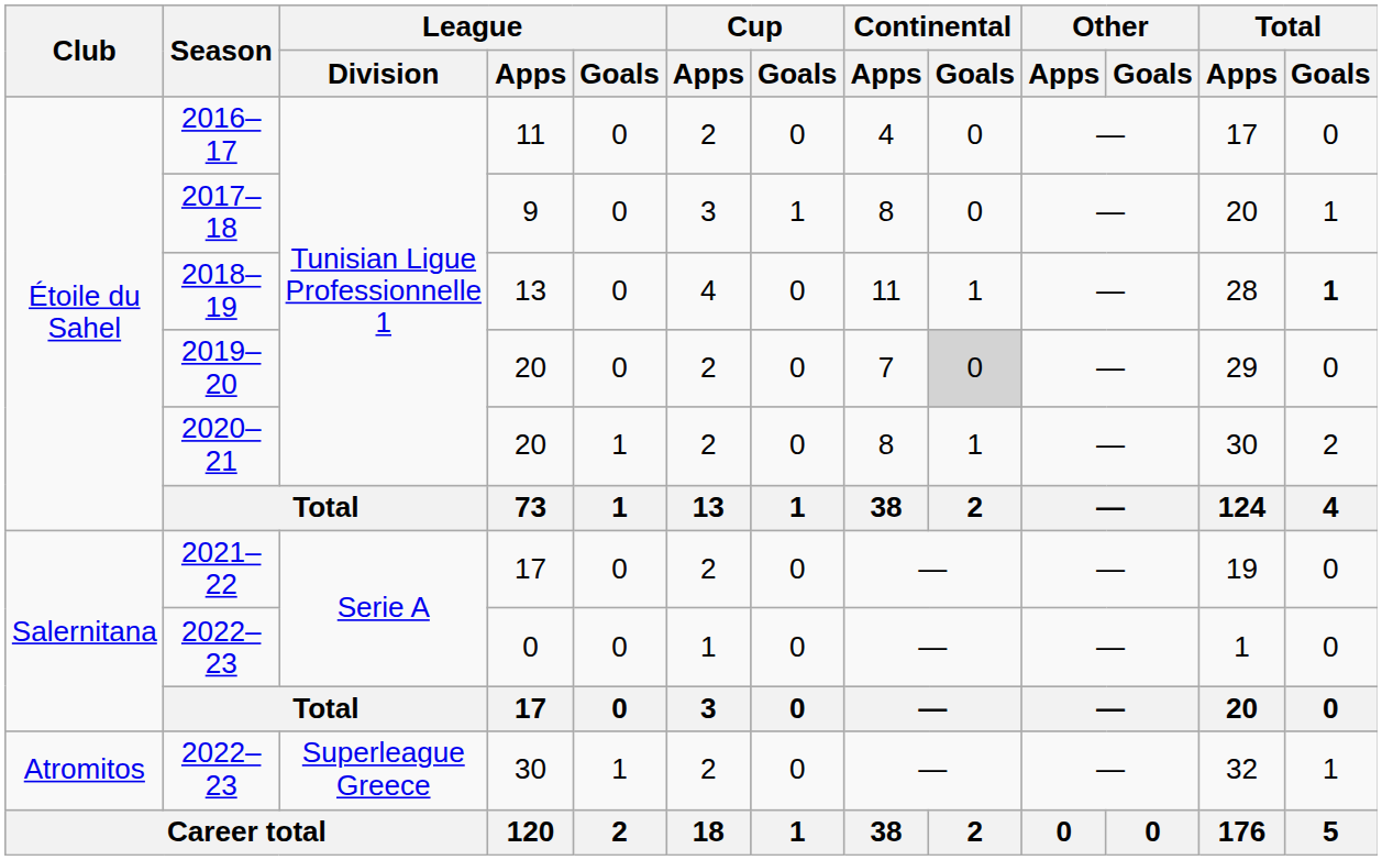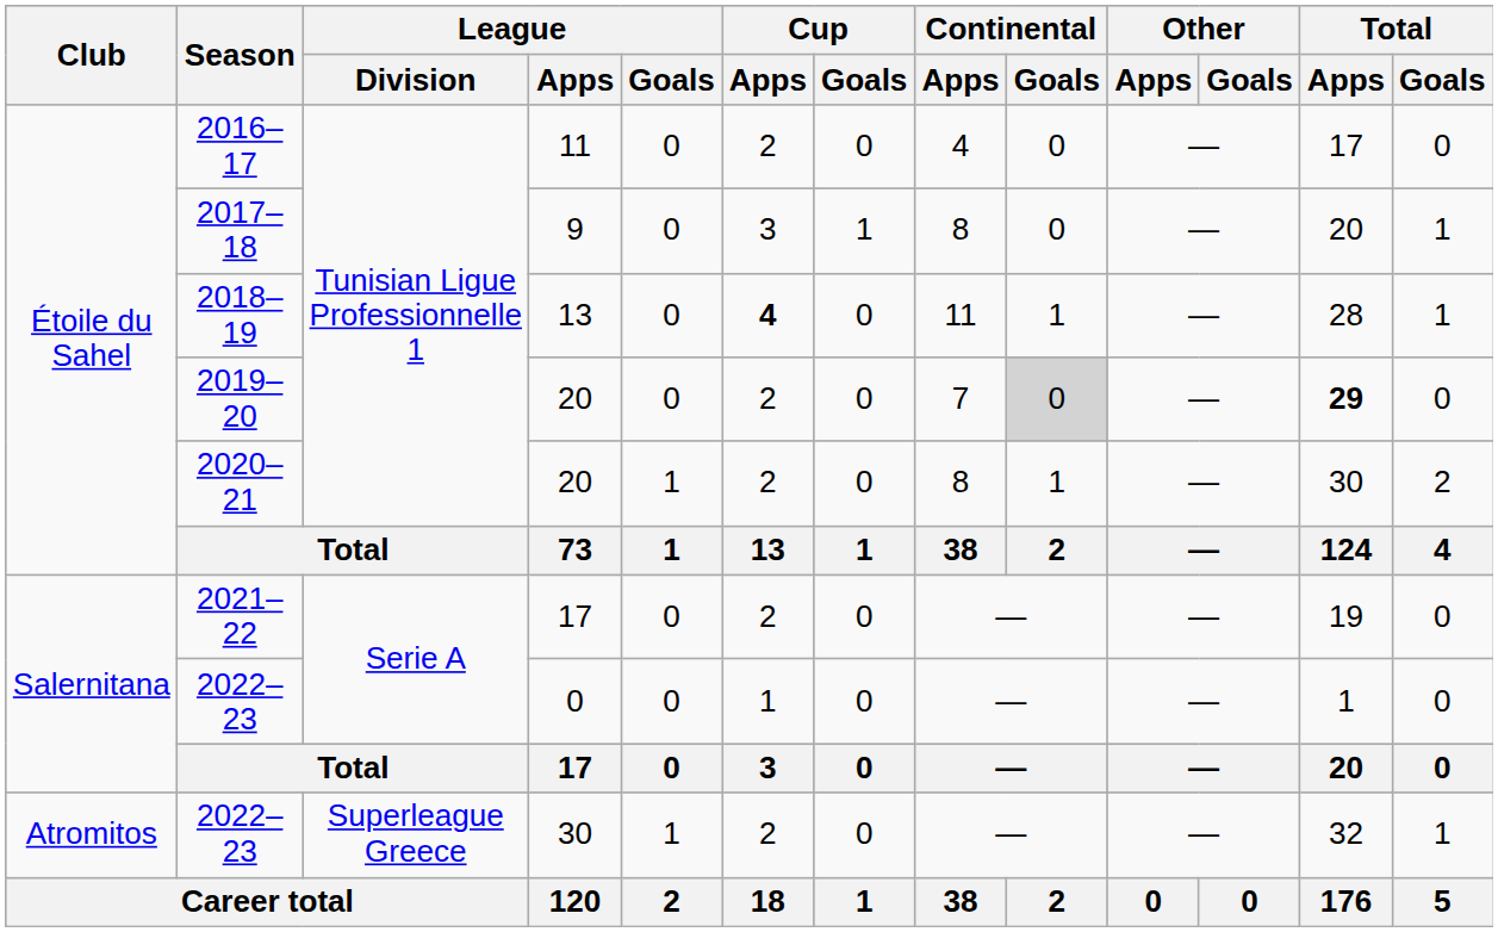 <table class="wikitable" style="text-align: center">
 <tr>
 <th rowspan="2">Club</th>
 <th rowspan="2">Season</th>
 <th colspan="3">League</th>
 <th colspan="2">Cup</th>
 <th colspan="2">Continental</th>
 <th colspan="2">Other</th>
 <th colspan="2">Total</th>
 </tr>
 <tr>
 <th>Division</th>
 <th>Apps</th>
 <th>Goals</th>
 <th>Apps</th>
 <th>Goals</th>
 <th>Apps</th>
 <th>Goals</th>
 <th>Apps</th>
 <th>Goals</th>
 <th>Apps</th>
 <th>Goals</th>
 </tr>
 <tr>
 <td rowspan="6"><a href='#'>Étoile du Sahel</a></td>
 <td><a href='#'>2016–17</a></td>
 <td rowspan="5"><a href='#'>Tunisian Ligue Professionnelle 1</a></td>
 <td>11</td>
 <td>0</td>
 <td>2</td>
 <td>0</td>
 <td>4</td>
 <td>0</td>
 <td colspan="2">—</td>
 <td>17</td>
 <td>0</td>
 </tr>
 <tr>
 <td><a href='#'>2017–18</a></td>
 <td>9</td>
 <td>0</td>
 <td>3</td>
 <td>1</td>
 <td>8</td>
 <td>0</td>
 <td colspan="2">—</td>
 <td>20</td>
 <td>1</td>
 </tr>
 <tr>
 <td><a href='#'>2018–19</a></td>
 <td>13</td>
 <td>0</td>
-<td>4</td>
+<td><strong>4</strong></td>
 <td>0</td>
 <td>11</td>
 <td>1</td>
 <td colspan="2">—</td>
 <td>28</td>
-<td><strong>1</strong></td>
+<td>1</td>
 </tr>
 <tr>
 <td><a href='#'>2019–20</a></td>
 <td>20</td>
 <td>0</td>
 <td>2</td>
 <td>0</td>
 <td>7</td>
 <td style="background: lightgrey;">0</td>
 <td colspan="2">—</td>
-<td>29</td>
+<td><strong>29</strong></td>
 <td>0</td>
 </tr>
 <tr>
 <td><a href='#'>2020–21</a></td>
 <td>20</td>
 <td>1</td>
 <td>2</td>
 <td>0</td>
 <td>8</td>
 <td>1</td>
 <td colspan="2">—</td>
 <td>30</td>
 <td>2</td>
 </tr>
 <tr>
 <th colspan="2">Total</th>
 <th>73</th>
 <th>1</th>
 <th>13</th>
 <th>1</th>
 <th>38</th>
 <th>2</th>
 <th colspan="2">—</th>
 <th>124</th>
 <th>4</th>
 </tr>
 <tr>
 <td rowspan="3"><a href='#'>Salernitana</a></td>
 <td><a href='#'>2021–22</a></td>
 <td rowspan="2"><a href='#'>Serie A</a></td>
 <td>17</td>
 <td>0</td>
 <td>2</td>
 <td>0</td>
 <td colspan="2">—</td>
 <td colspan="2">—</td>
 <td>19</td>
 <td>0</td>
 </tr>
 <tr>
 <td><a href='#'>2022–23</a></td>
 <td>0</td>
 <td>0</td>
 <td>1</td>
 <td>0</td>
 <td colspan="2">—</td>
 <td colspan="2">—</td>
 <td>1</td>
 <td>0</td>
 </tr>
 <tr>
 <th colspan="2">Total</th>
 <th>17</th>
 <th>0</th>
 <th>3</th>
 <th>0</th>
 <th colspan="2">—</th>
 <th colspan="2">—</th>
 <th>20</th>
 <th>0</th>
 </tr>
 <tr>
 <td><a href='#'>Atromitos</a></td>
 <td><a href='#'>2022–23</a></td>
 <td><a href='#'>Superleague Greece</a></td>
 <td>30</td>
 <td>1</td>
 <td>2</td>
 <td>0</td>
 <td colspan="2">—</td>
 <td colspan="2">—</td>
 <td>32</td>
 <td>1</td>
 </tr>
 <tr>
 <th colspan="3">Career total</th>
 <th>120</th>
 <th>2</th>
 <th>18</th>
 <th>1</th>
 <th>38</th>
 <th>2</th>
 <th>0</th>
 <th>0</th>
 <th>176</th>
 <th>5</th>
 </tr>
 </table>
